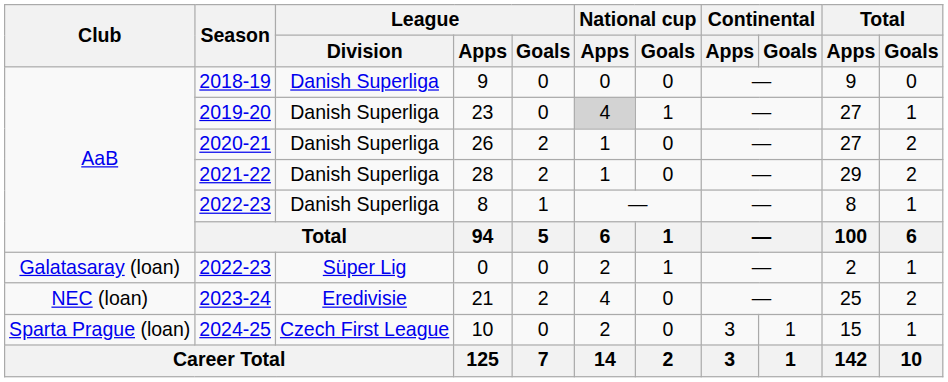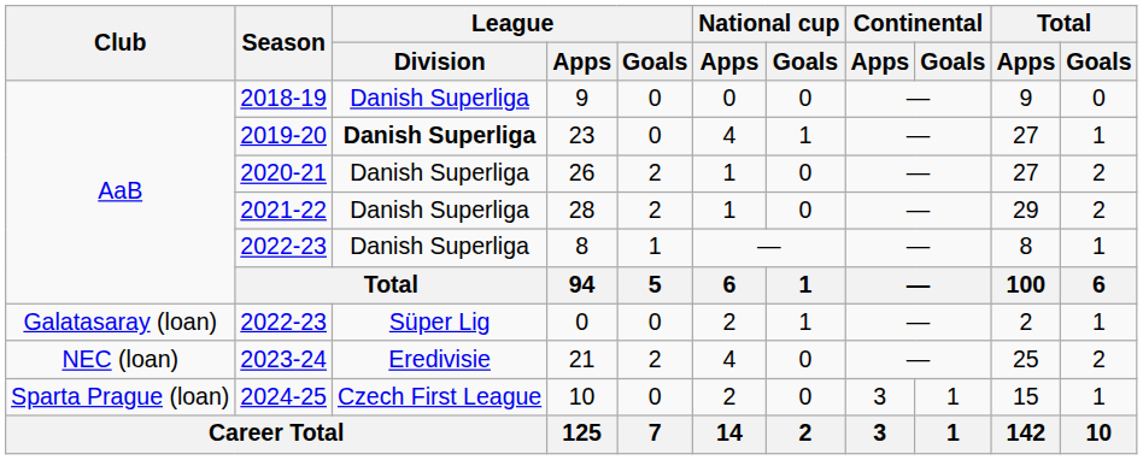 <table class="wikitable" style="text-align: center;">
 <tr>
 <th rowspan="2">Club</th>
 <th rowspan="2">Season</th>
 <th colspan="3">League</th>
 <th colspan="2">National cup</th>
 <th colspan="2">Continental</th>
 <th colspan="2">Total</th>
 </tr>
 <tr>
 <th>Division</th>
 <th>Apps</th>
 <th>Goals</th>
 <th>Apps</th>
 <th>Goals</th>
 <th>Apps</th>
 <th>Goals</th>
 <th>Apps</th>
 <th>Goals</th>
 </tr>
 <tr>
 <td rowspan="6"><a href='#'>AaB</a></td>
 <td><a href='#'>2018-19</a></td>
 <td><a href='#'>Danish Superliga</a></td>
 <td>9</td>
 <td>0</td>
 <td>0</td>
 <td>0</td>
 <td colspan="2">—</td>
 <td>9</td>
 <td>0</td>
 </tr>
 <tr>
 <td><a href='#'>2019-20</a></td>
-<td>Danish Superliga</td>
+<td><strong>Danish Superliga</strong></td>
 <td>23</td>
 <td>0</td>
-<td style="background: lightgrey;">4</td>
+<td>4</td>
 <td>1</td>
 <td colspan="2">—</td>
 <td>27</td>
 <td>1</td>
 </tr>
 <tr>
 <td><a href='#'>2020-21</a></td>
 <td>Danish Superliga</td>
 <td>26</td>
 <td>2</td>
 <td>1</td>
 <td>0</td>
 <td colspan="2">—</td>
 <td>27</td>
 <td>2</td>
 </tr>
 <tr>
 <td><a href='#'>2021-22</a></td>
 <td>Danish Superliga</td>
 <td>28</td>
 <td>2</td>
 <td>1</td>
 <td>0</td>
 <td colspan="2">—</td>
 <td>29</td>
 <td>2</td>
 </tr>
 <tr>
 <td><a href='#'>2022-23</a></td>
 <td>Danish Superliga</td>
 <td>8</td>
 <td>1</td>
 <td colspan="2">—</td>
 <td colspan="2">—</td>
 <td>8</td>
 <td>1</td>
 </tr>
 <tr>
 <th colspan="2">Total</th>
 <th>94</th>
 <th>5</th>
 <th>6</th>
 <th>1</th>
 <th colspan="2">—</th>
 <th>100</th>
 <th>6</th>
 </tr>
 <tr>
 <td><a href='#'>Galatasaray</a> (loan)</td>
 <td><a href='#'>2022-23</a></td>
 <td><a href='#'>Süper Lig</a></td>
 <td>0</td>
 <td>0</td>
 <td>2</td>
 <td>1</td>
 <td colspan="2">—</td>
 <td>2</td>
 <td>1</td>
 </tr>
 <tr>
 <td><a href='#'>NEC</a> (loan)</td>
 <td><a href='#'>2023-24</a></td>
 <td><a href='#'>Eredivisie</a></td>
 <td>21</td>
 <td>2</td>
 <td>4</td>
 <td>0</td>
 <td colspan="2">—</td>
 <td>25</td>
 <td>2</td>
 </tr>
 <tr>
 <td><a href='#'>Sparta Prague</a> (loan)</td>
 <td><a href='#'>2024-25</a></td>
 <td><a href='#'>Czech First League</a></td>
 <td>10</td>
 <td>0</td>
 <td>2</td>
 <td>0</td>
 <td>3</td>
 <td>1</td>
 <td>15</td>
 <td>1</td>
 </tr>
 <tr>
 <th colspan="3">Career Total</th>
 <th>125</th>
 <th>7</th>
 <th>14</th>
 <th>2</th>
 <th>3</th>
 <th>1</th>
 <th>142</th>
 <th>10</th>
 </tr>
 </table>
